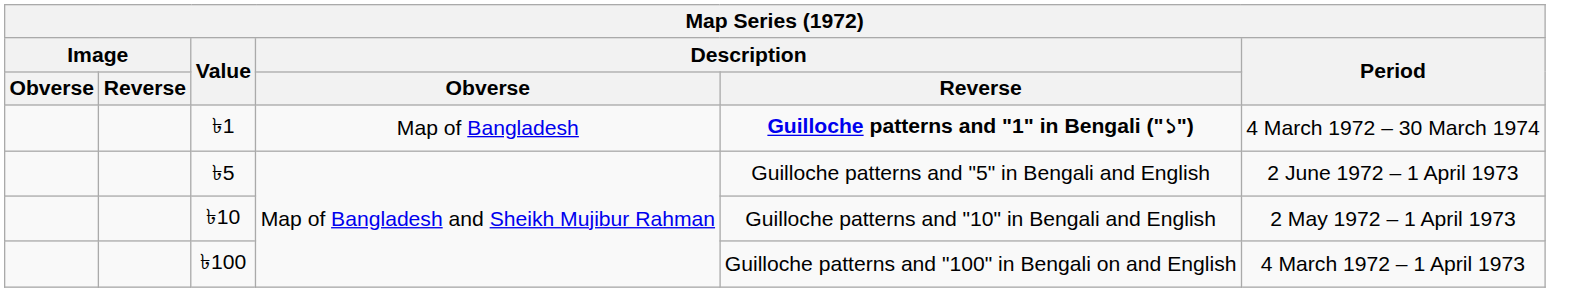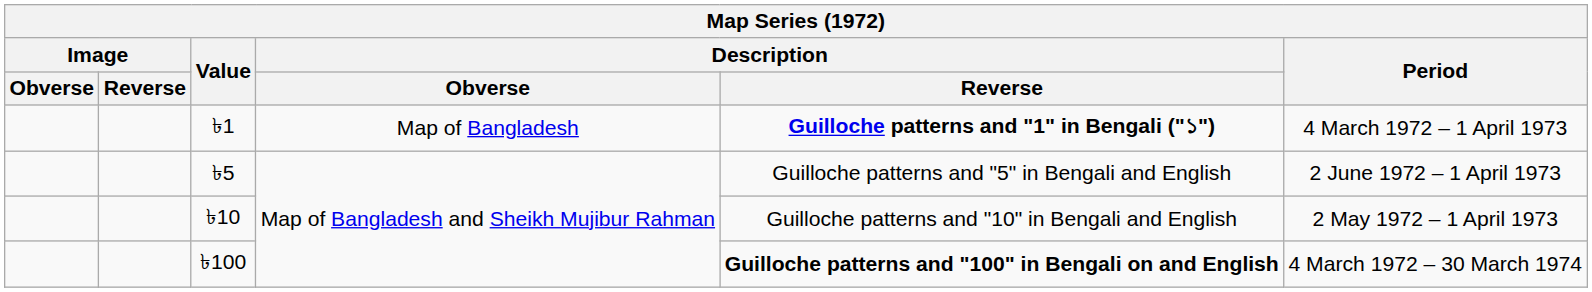 <table class="wikitable" style="text-align:center">
 <tr>
 <th colspan="8">Map Series (1972)</th>
 </tr>
 <tr>
 <th colspan="2">Image</th>
 <th rowspan="2">Value</th>
 <th colspan="2">Description</th>
 <th rowspan="2">Period</th>
 </tr>
 <tr>
 <th>Obverse</th>
 <th>Reverse</th>
 <th>Obverse</th>
 <th>Reverse</th>
 </tr>
 <tr>
 <td></td>
 <td></td>
 <td>৳1</td>
 <td>Map of <a href='#'>Bangladesh</a></td>
 <td><strong><a href='#'>Guilloche</a> patterns and "1" in Bengali ("১")</strong></td>
-<td>4 March 1972 – 30 March 1974</td>
+<td>4 March 1972 – 1 April 1973</td>
 </tr>
 <tr>
 <td></td>
 <td></td>
 <td>৳5</td>
 <td rowspan="3">Map of <a href='#'>Bangladesh</a> and <a href='#'>Sheikh Mujibur Rahman</a></td>
 <td>Guilloche patterns and "5" in Bengali and English</td>
 <td>2 June 1972 – 1 April 1973</td>
 </tr>
 <tr>
 <td></td>
 <td></td>
 <td>৳10</td>
 <td>Guilloche patterns and "10" in Bengali and English</td>
 <td>2 May 1972 – 1 April 1973</td>
 </tr>
 <tr>
 <td></td>
 <td></td>
 <td>৳100</td>
-<td>Guilloche patterns and "100" in Bengali on and English</td>
-<td>4 March 1972 – 1 April 1973</td>
+<td><strong>Guilloche patterns and "100" in Bengali on and English</strong></td>
+<td>4 March 1972 – 30 March 1974</td>
 </tr>
 </table>
